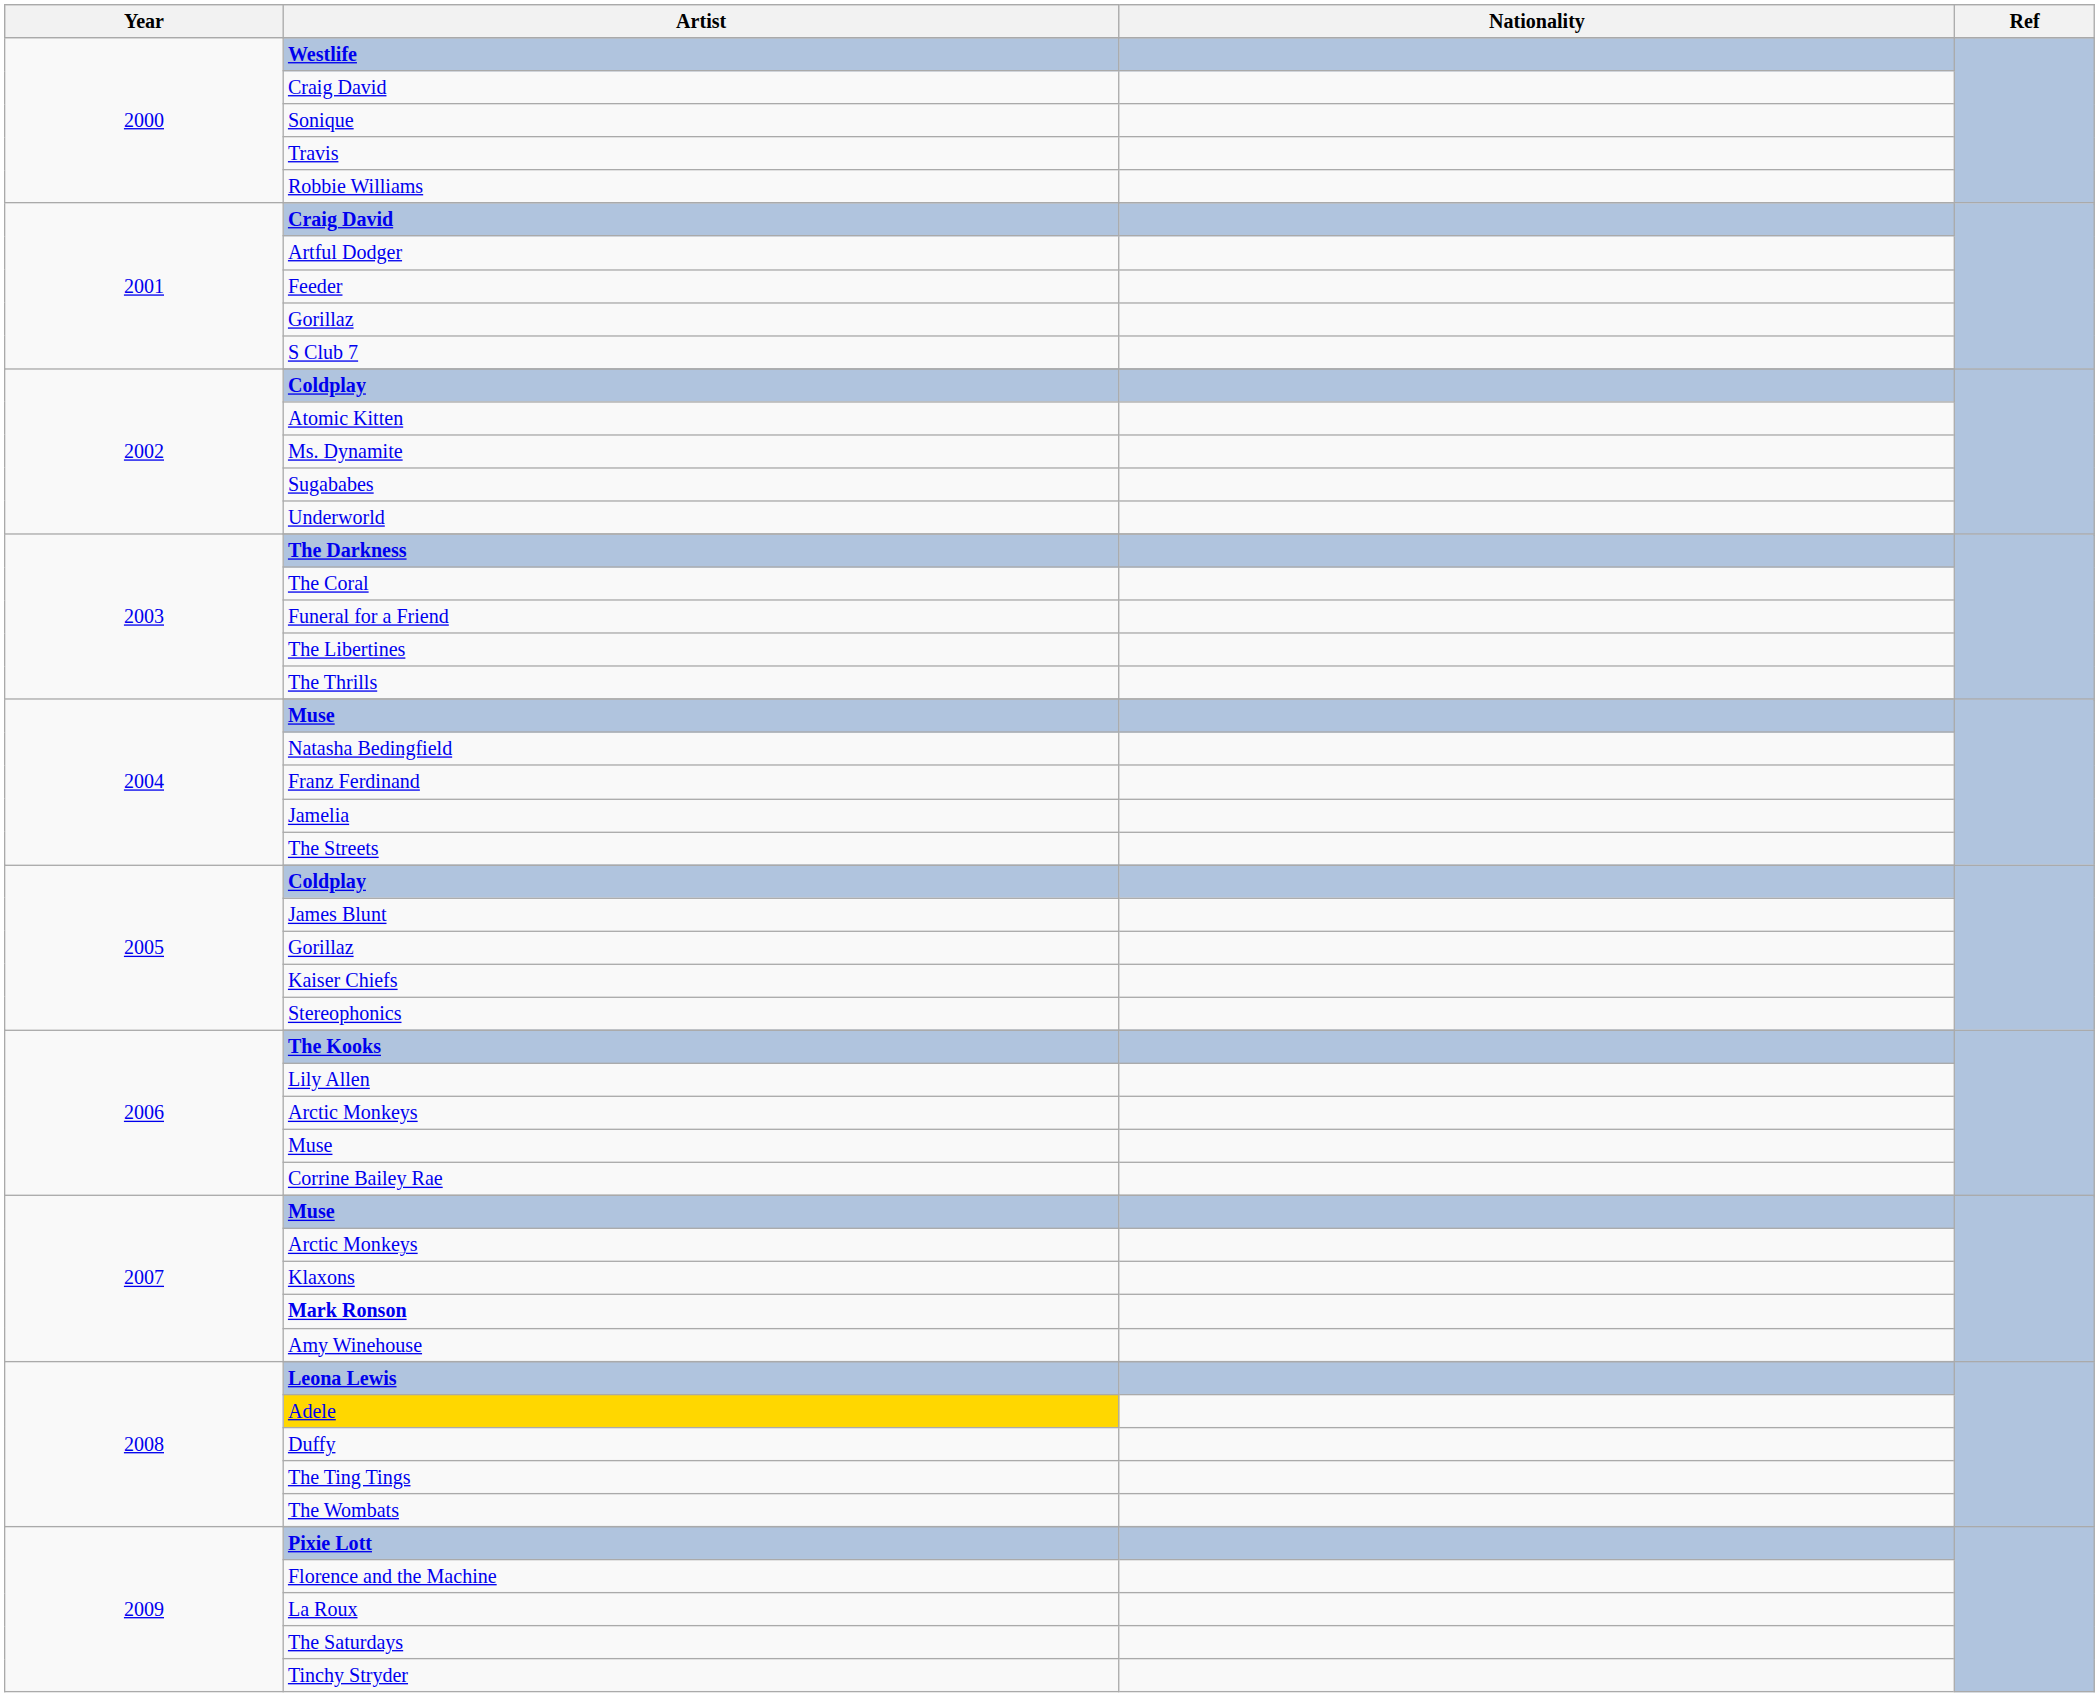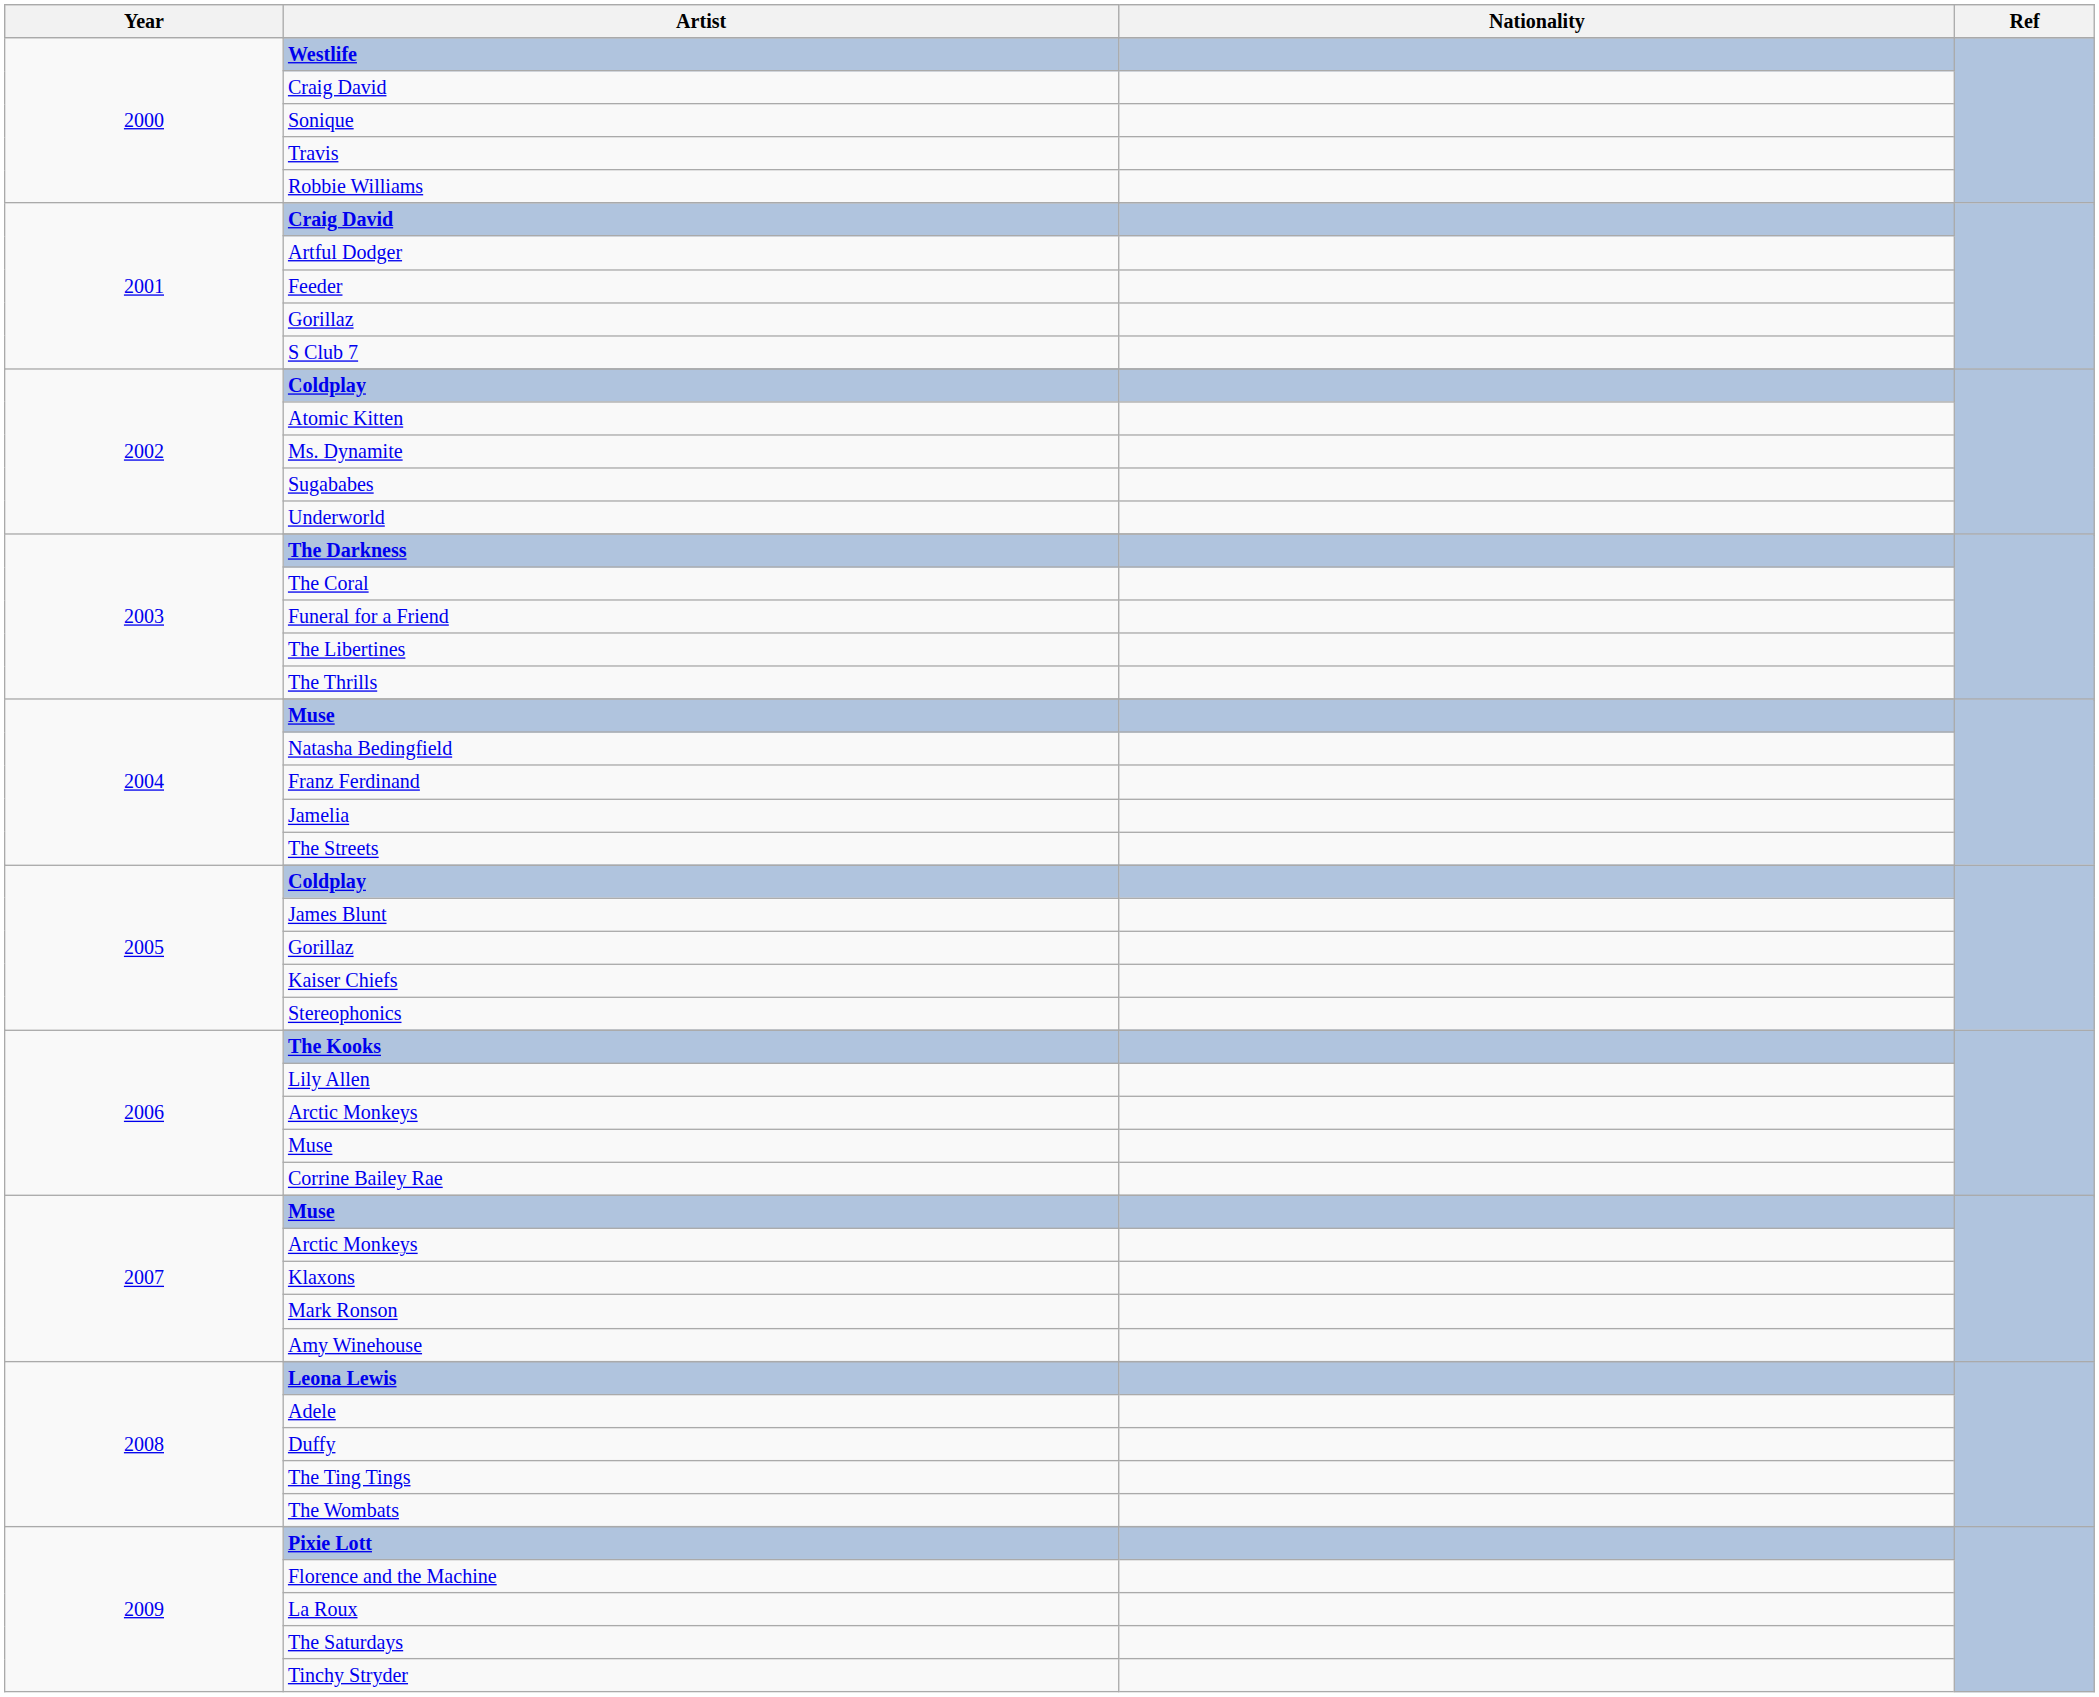 <table class="wikitable sortable plainrowheaders" style="font-size:95%; width:100%;">
 <tr style="background:#bebebe;">
 <th style="width:10%;">Year</th>
 <th style="width:30%;">Artist</th>
 <th style="width:30%;">Nationality</th>
 <th style="width:5%;">Ref</th>
 </tr>
 <tr>
 <td rowspan="6" align="center"><a href='#'>2000</a></td>
 </tr>
 <tr style="background:#B0C4DE">
 <td><strong><a href='#'>Westlife</a></strong></td>
 <td><strong></strong></td>
 <td rowspan="6" align="center"></td>
 </tr>
 <tr>
 <td><a href='#'>Craig David</a></td>
 <td></td>
 </tr>
 <tr>
 <td><a href='#'>Sonique</a></td>
 <td></td>
 </tr>
 <tr>
 <td><a href='#'>Travis</a></td>
 <td></td>
 </tr>
 <tr>
 <td><a href='#'>Robbie Williams</a></td>
 <td></td>
 </tr>
 <tr>
 <td rowspan="6" align="center"><a href='#'>2001</a></td>
 </tr>
 <tr style="background:#B0C4DE">
 <td><strong><a href='#'>Craig David</a></strong></td>
 <td><strong></strong></td>
 <td rowspan="6" align="center"></td>
 </tr>
 <tr>
 <td><a href='#'>Artful Dodger</a></td>
 <td></td>
 </tr>
 <tr>
 <td><a href='#'>Feeder</a></td>
 <td></td>
 </tr>
 <tr>
 <td><a href='#'>Gorillaz</a></td>
 <td></td>
 </tr>
 <tr>
 <td><a href='#'>S Club 7</a></td>
 <td></td>
 </tr>
 <tr>
 <td rowspan="6" align="center"><a href='#'>2002</a></td>
 </tr>
 <tr style="background:#B0C4DE">
 <td><strong><a href='#'>Coldplay</a></strong></td>
 <td><strong></strong></td>
 <td rowspan="6" align="center"></td>
 </tr>
 <tr>
 <td><a href='#'>Atomic Kitten</a></td>
 <td></td>
 </tr>
 <tr>
 <td><a href='#'>Ms. Dynamite</a></td>
 <td></td>
 </tr>
 <tr>
 <td><a href='#'>Sugababes</a></td>
 <td></td>
 </tr>
 <tr>
 <td><a href='#'>Underworld</a></td>
 <td></td>
 </tr>
 <tr>
 <td rowspan="6" align="center"><a href='#'>2003</a></td>
 </tr>
 <tr style="background:#B0C4DE">
 <td><strong><a href='#'>The Darkness</a> </strong></td>
 <td><strong></strong></td>
 <td rowspan="6" align="center"></td>
 </tr>
 <tr>
 <td><a href='#'>The Coral</a></td>
 <td></td>
 </tr>
 <tr>
 <td><a href='#'>Funeral for a Friend</a></td>
 <td></td>
 </tr>
 <tr>
 <td><a href='#'>The Libertines</a></td>
 <td></td>
 </tr>
 <tr>
 <td><a href='#'>The Thrills</a></td>
 <td></td>
 </tr>
 <tr>
 <td rowspan="6" align="center"><a href='#'>2004</a></td>
 </tr>
 <tr style="background:#B0C4DE">
 <td><strong><a href='#'>Muse</a></strong></td>
 <td><strong></strong></td>
 <td rowspan="6" align="center"></td>
 </tr>
 <tr>
 <td><a href='#'>Natasha Bedingfield</a></td>
 <td></td>
 </tr>
 <tr>
 <td><a href='#'>Franz Ferdinand</a></td>
 <td></td>
 </tr>
 <tr>
 <td><a href='#'>Jamelia</a></td>
 <td></td>
 </tr>
 <tr>
 <td><a href='#'>The Streets</a></td>
 <td></td>
 </tr>
 <tr>
 <td rowspan="6" align="center"><a href='#'>2005</a></td>
 </tr>
 <tr style="background:#B0C4DE">
 <td><strong><a href='#'>Coldplay</a></strong></td>
 <td><strong></strong></td>
 <td rowspan="6" align="center"></td>
 </tr>
 <tr>
 <td><a href='#'>James Blunt</a></td>
 <td></td>
 </tr>
 <tr>
 <td><a href='#'>Gorillaz</a></td>
 <td></td>
 </tr>
 <tr>
 <td><a href='#'>Kaiser Chiefs</a></td>
 <td></td>
 </tr>
 <tr>
 <td><a href='#'>Stereophonics</a></td>
 <td></td>
 </tr>
 <tr>
 <td rowspan="6" align="center"><a href='#'>2006</a></td>
 </tr>
 <tr style="background:#B0C4DE">
 <td><strong><a href='#'>The Kooks</a></strong></td>
 <td><strong></strong></td>
 <td rowspan="6" align="center"></td>
 </tr>
 <tr>
 <td><a href='#'>Lily Allen</a></td>
 <td></td>
 </tr>
 <tr>
 <td><a href='#'>Arctic Monkeys</a></td>
 <td></td>
 </tr>
 <tr>
 <td><a href='#'>Muse</a></td>
 <td></td>
 </tr>
 <tr>
 <td><a href='#'>Corrine Bailey Rae</a></td>
 <td></td>
 </tr>
 <tr>
 <td rowspan="6" align="center"><a href='#'>2007</a></td>
 </tr>
 <tr style="background:#B0C4DE">
 <td><strong><a href='#'>Muse</a></strong></td>
 <td><strong></strong></td>
 <td rowspan="6" align="center"></td>
 </tr>
 <tr>
 <td><a href='#'>Arctic Monkeys</a></td>
 <td></td>
 </tr>
 <tr>
 <td><a href='#'>Klaxons</a></td>
 <td></td>
 </tr>
 <tr>
-<td><strong><a href='#'>Mark Ronson</a></strong></td>
+<td><a href='#'>Mark Ronson</a></td>
 <td></td>
 </tr>
 <tr>
 <td><a href='#'>Amy Winehouse</a></td>
 <td></td>
 </tr>
 <tr>
 <td rowspan="6" align="center"><a href='#'>2008</a></td>
 </tr>
 <tr style="background:#B0C4DE">
 <td><strong><a href='#'>Leona Lewis</a> </strong></td>
 <td><strong></strong></td>
 <td rowspan="6" align="center"></td>
 </tr>
 <tr>
-<td style="background: gold;"><a href='#'>Adele</a></td>
+<td><a href='#'>Adele</a></td>
 <td></td>
 </tr>
 <tr>
 <td><a href='#'>Duffy</a></td>
 <td></td>
 </tr>
 <tr>
 <td><a href='#'>The Ting Tings</a></td>
 <td></td>
 </tr>
 <tr>
 <td><a href='#'>The Wombats</a></td>
 <td></td>
 </tr>
 <tr>
 <td rowspan="6" align="center"><a href='#'>2009</a></td>
 </tr>
 <tr style="background:#B0C4DE">
 <td><strong><a href='#'>Pixie Lott</a> </strong></td>
 <td><strong></strong></td>
 <td rowspan="6" align="center"></td>
 </tr>
 <tr>
 <td><a href='#'>Florence and the Machine</a></td>
 <td></td>
 </tr>
 <tr>
 <td><a href='#'>La Roux</a></td>
 <td></td>
 </tr>
 <tr>
 <td><a href='#'>The Saturdays</a></td>
 <td></td>
 </tr>
 <tr>
 <td><a href='#'>Tinchy Stryder</a></td>
 <td></td>
 </tr>
 </table>
